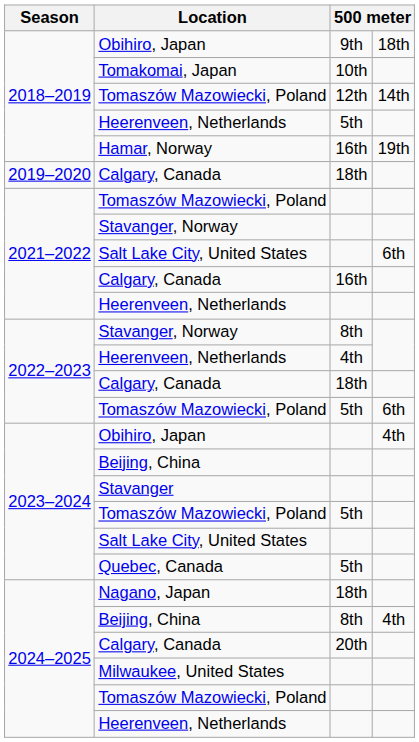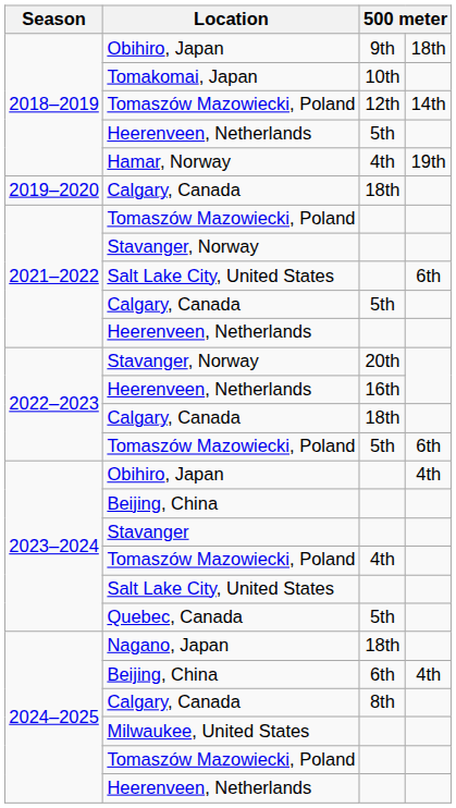 <table class="wikitable" style="display: inline-table;">
 <tr>
 <th>Season</th>
 <th>Location</th>
 <th colspan="2">500 meter</th>
 </tr>
 <tr style="text-align:center">
 <td rowspan=5><a href='#'>2018–2019</a></td>
 <td align=left><a href='#'>Obihiro</a>, Japan</td>
 <td>9th</td>
 <td>18th</td>
 </tr>
 <tr style="text-align:center">
 <td align=left><a href='#'>Tomakomai</a>, Japan</td>
 <td>10th</td>
 </tr>
 <tr style="text-align:center">
 <td align=left><a href='#'>Tomaszów Mazowiecki</a>, Poland</td>
 <td>12th</td>
 <td>14th</td>
 </tr>
 <tr style="text-align:center">
 <td align=left><a href='#'>Heerenveen</a>, Netherlands</td>
 <td>5th</td>
 </tr>
 <tr style="text-align:center">
 <td align=left><a href='#'>Hamar</a>, Norway</td>
-<td>16th</td>
+<td>4th</td>
 <td>19th</td>
 </tr>
 <tr style="text-align:center">
 <td><a href='#'>2019–2020</a></td>
 <td align=left><a href='#'>Calgary</a>, Canada</td>
 <td>18th</td>
 </tr>
 <tr style="text-align:center">
 <td rowspan=5><a href='#'>2021–2022</a></td>
 <td align=left><a href='#'>Tomaszów Mazowiecki</a>, Poland</td>
 <td></td>
 <td></td>
 </tr>
 <tr style="text-align:center">
 <td align=left><a href='#'>Stavanger</a>, Norway</td>
 <td></td>
 <td></td>
 </tr>
 <tr style="text-align:center">
 <td align=left><a href='#'>Salt Lake City</a>, United States</td>
 <td></td>
 <td>6th</td>
 </tr>
 <tr style="text-align:center">
 <td align=left><a href='#'>Calgary</a>, Canada</td>
-<td>16th</td>
+<td>5th</td>
 <td></td>
 </tr>
 <tr style="text-align:center">
 <td align=left><a href='#'>Heerenveen</a>, Netherlands</td>
 <td></td>
 <td></td>
 </tr>
 <tr style="text-align:center">
 <td rowspan=4><a href='#'>2022–2023</a></td>
 <td align=left><a href='#'>Stavanger</a>, Norway</td>
-<td>8th</td>
+<td>20th</td>
 </tr>
 <tr style="text-align:center">
 <td align=left><a href='#'>Heerenveen</a>, Netherlands</td>
-<td>4th</td>
+<td>16th</td>
 </tr>
 <tr style="text-align:center">
 <td align=left><a href='#'>Calgary</a>, Canada</td>
 <td>18th</td>
 <td></td>
 </tr>
 <tr style="text-align:center">
 <td align=left><a href='#'>Tomaszów Mazowiecki</a>, Poland</td>
 <td>5th</td>
 <td>6th</td>
 </tr>
 <tr style="text-align:center">
 <td rowspan=6><a href='#'>2023–2024</a></td>
 <td align=left><a href='#'>Obihiro</a>, Japan</td>
 <td></td>
 <td>4th</td>
 </tr>
 <tr style="text-align:center">
 <td align=left><a href='#'>Beijing</a>, China</td>
 <td></td>
 <td></td>
 </tr>
 <tr style="text-align:center">
 <td align=left><a href='#'>Stavanger</a></td>
 <td></td>
 </tr>
 <tr style="text-align:center">
 <td align=left><a href='#'>Tomaszów Mazowiecki</a>, Poland</td>
-<td>5th</td>
+<td>4th</td>
 <td></td>
 </tr>
 <tr style="text-align:center">
 <td align=left><a href='#'>Salt Lake City</a>, United States</td>
 <td></td>
 </tr>
 <tr style="text-align:center">
 <td align=left><a href='#'>Quebec</a>, Canada</td>
 <td>5th</td>
 <td></td>
 </tr>
 <tr style="text-align:center">
 <td rowspan=6><a href='#'>2024–2025</a></td>
 <td align=left><a href='#'>Nagano</a>, Japan</td>
 <td>18th</td>
 <td></td>
 </tr>
 <tr style="text-align:center">
 <td align=left><a href='#'>Beijing</a>, China</td>
-<td>8th</td>
+<td>6th</td>
 <td>4th</td>
 </tr>
 <tr style="text-align:center">
 <td align=left><a href='#'>Calgary</a>, Canada</td>
-<td>20th</td>
+<td>8th</td>
 </tr>
 <tr style="text-align:center">
 <td align=left><a href='#'>Milwaukee</a>, United States</td>
 <td></td>
 <td></td>
 </tr>
 <tr style="text-align:center">
 <td align=left><a href='#'>Tomaszów Mazowiecki</a>, Poland</td>
 <td></td>
 <td></td>
 </tr>
 <tr style="text-align:center">
 <td align=left><a href='#'>Heerenveen</a>, Netherlands</td>
 <td></td>
 <td></td>
 </tr>
 </table>
